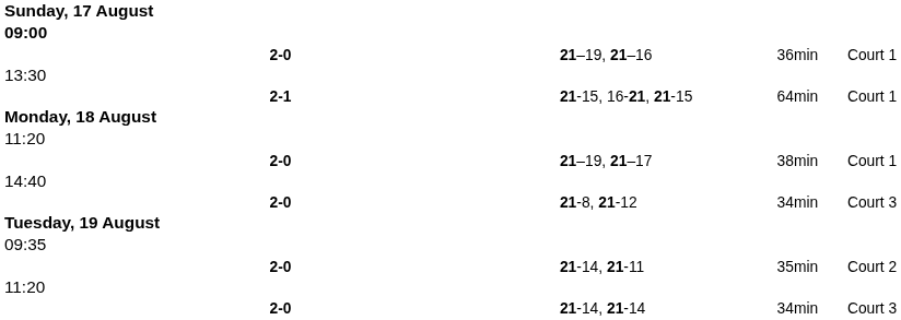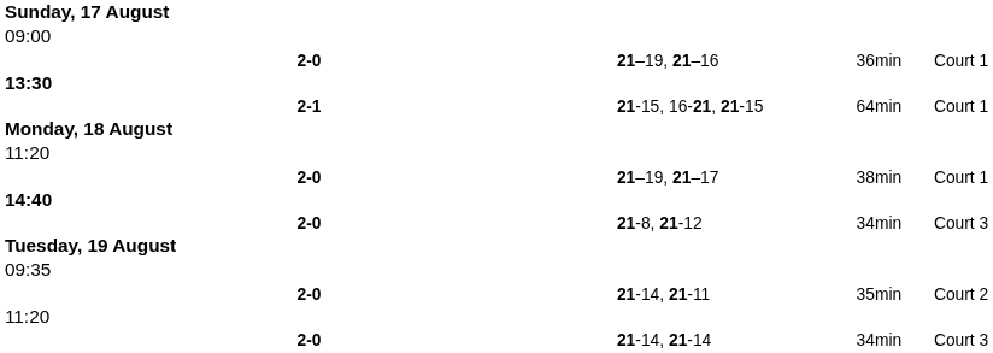 <table style="width:100%;" cellspacing="1">
 <tr>
 <th width=25%></th>
 <th width=10%></th>
 <th width=25%></th>
 </tr>
 <tr>
 <td><strong>Sunday, 17 August</strong></td>
 </tr>
 <tr>
-<td><strong>09:00</strong></td>
+<td>09:00</td>
 </tr>
 <tr style=font-size:90%>
 <td align=right><strong></strong></td>
 <td align=center><strong> 2-0 </strong></td>
 <td></td>
 <td><strong>21</strong>–19, <strong>21</strong>–16</td>
 <td>36min</td>
 <td>Court 1</td>
 </tr>
 <tr>
-<td>13:30</td>
+<td><strong>13:30</strong></td>
 </tr>
 <tr style=font-size:90%>
 <td align=right><strong></strong></td>
 <td align=center><strong> 2-1 </strong></td>
 <td></td>
 <td><strong>21</strong>-15, 16-<strong>21</strong>, <strong>21</strong>-15</td>
 <td>64min</td>
 <td>Court 1</td>
 </tr>
 <tr>
 <td><strong>Monday, 18 August</strong></td>
 </tr>
 <tr>
 <td>11:20</td>
 </tr>
 <tr style=font-size:90%>
 <td align=right><strong></strong></td>
 <td align=center><strong> 2-0 </strong></td>
 <td></td>
 <td><strong>21</strong>–19, <strong>21</strong>–17</td>
 <td>38min</td>
 <td>Court 1</td>
 </tr>
 <tr>
-<td>14:40</td>
+<td><strong>14:40</strong></td>
 </tr>
 <tr style=font-size:90%>
 <td align=right><strong></strong></td>
 <td align=center><strong> 2-0 </strong></td>
 <td></td>
 <td><strong>21</strong>-8, <strong>21</strong>-12</td>
 <td>34min</td>
 <td>Court 3</td>
 </tr>
 <tr>
 <td><strong>Tuesday, 19 August</strong></td>
 </tr>
 <tr>
 <td>09:35</td>
 </tr>
 <tr style=font-size:90%>
 <td align=right><strong></strong></td>
 <td align=center><strong> 2-0 </strong></td>
 <td></td>
 <td><strong>21</strong>-14, <strong>21</strong>-11</td>
 <td>35min</td>
 <td>Court 2</td>
 </tr>
 <tr>
 <td>11:20</td>
 </tr>
 <tr style=font-size:90%>
 <td align=right><strong></strong></td>
 <td align=center><strong> 2-0 </strong></td>
 <td></td>
 <td><strong>21</strong>-14, <strong>21</strong>-14</td>
 <td>34min</td>
 <td>Court 3</td>
 </tr>
 </table>
